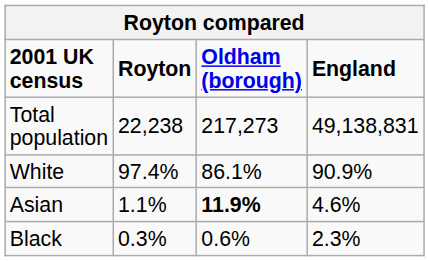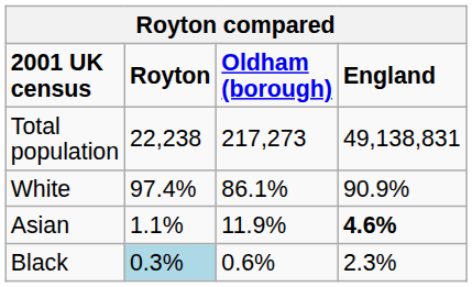 <table class="wikitable" style="float: right; margin-left: 2em; width: 40%; font-size: 90%;" cellspacing="3">
 <tr>
 <th colspan="4"><strong>Royton compared</strong></th>
 </tr>
 <tr>
 <td><strong>2001 UK census</strong></td>
 <td><strong>Royton</strong></td>
 <td><strong><a href='#'>Oldham (borough)</a></strong></td>
 <td><strong>England</strong></td>
 </tr>
 <tr>
 <td>Total population</td>
 <td>22,238</td>
 <td>217,273</td>
 <td>49,138,831</td>
 </tr>
 <tr>
 <td>White</td>
 <td>97.4%</td>
 <td>86.1%</td>
 <td>90.9%</td>
 </tr>
 <tr>
 <td>Asian</td>
 <td>1.1%</td>
-<td><strong>11.9%</strong></td>
-<td>4.6%</td>
+<td>11.9%</td>
+<td><strong>4.6%</strong></td>
 </tr>
 <tr>
 <td>Black</td>
-<td>0.3%</td>
+<td style="background: lightblue;">0.3%</td>
 <td>0.6%</td>
 <td>2.3%</td>
 </tr>
 </table>
